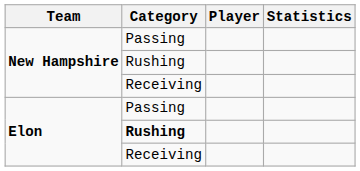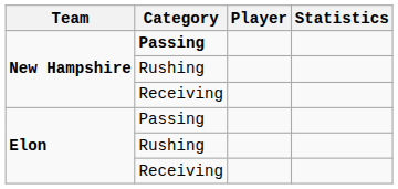 <table class="wikitable" style="float: right;">
 <tr>
 <th>Team</th>
 <th>Category</th>
 <th>Player</th>
 <th>Statistics</th>
 </tr>
 <tr>
 <td rowspan=3><strong>New Hampshire</strong></td>
-<td>Passing</td>
+<td><strong>Passing</strong></td>
 <td></td>
 <td></td>
 </tr>
 <tr>
 <td>Rushing</td>
 <td></td>
 <td></td>
 </tr>
 <tr>
 <td>Receiving</td>
 <td></td>
 <td></td>
 </tr>
 <tr>
 <td rowspan=3><strong>Elon</strong></td>
 <td>Passing</td>
 <td></td>
 <td></td>
 </tr>
 <tr>
-<td><strong>Rushing</strong></td>
+<td>Rushing</td>
 <td></td>
 <td></td>
 </tr>
 <tr>
 <td>Receiving</td>
 <td></td>
 <td></td>
 </tr>
 </table>
